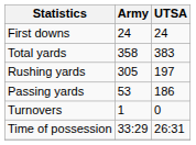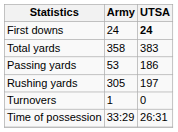 <table class="wikitable">
 <tr>
 <th>Statistics</th>
 <th>Army</th>
 <th>UTSA</th>
 </tr>
 <tr>
 <td>First downs</td>
 <td>24</td>
-<td>24</td>
+<td><strong>24</strong></td>
 </tr>
 <tr>
 <td>Total yards</td>
 <td>358</td>
 <td>383</td>
 </tr>
 <tr>
+<td>Passing yards</td>
+<td>53</td>
+<td>186</td>
+</tr>
+<tr>
 <td>Rushing yards</td>
 <td>305</td>
 <td>197</td>
-</tr>
-<tr>
-<td>Passing yards</td>
-<td>53</td>
-<td>186</td>
 </tr>
 <tr>
 <td>Turnovers</td>
 <td>1</td>
 <td>0</td>
 </tr>
 <tr>
 <td>Time of possession</td>
 <td>33:29</td>
 <td>26:31</td>
 </tr>
 <tr>
 </tr>
 </table>
